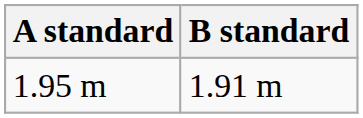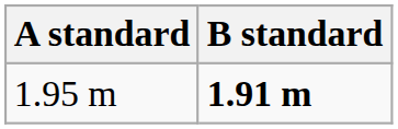 <table class="wikitable" border="1" align="upright">
 <tr>
 <th>A standard</th>
 <th>B standard</th>
 </tr>
 <tr>
 <td>1.95 m</td>
-<td>1.91 m</td>
+<td><strong>1.91 m</strong></td>
 </tr>
 </table>
